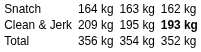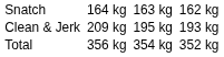 <table>
 <tr>
 <td>Snatch</td>
 <td></td>
 <td>164 kg</td>
 <td></td>
 <td>163 kg</td>
 <td></td>
 <td>162 kg</td>
 </tr>
 <tr>
 <td>Clean & Jerk</td>
 <td></td>
 <td>209 kg</td>
 <td></td>
 <td>195 kg</td>
 <td></td>
-<td><strong>193 kg</strong></td>
+<td>193 kg</td>
 </tr>
 <tr>
 <td>Total</td>
 <td></td>
 <td>356 kg</td>
 <td></td>
 <td>354 kg</td>
 <td></td>
 <td>352 kg</td>
 </tr>
 </table>
